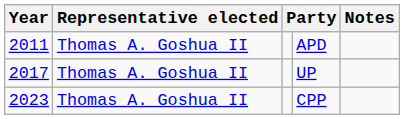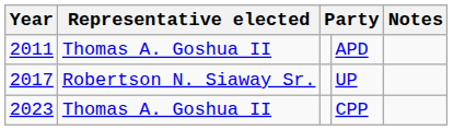 <table class="wikitable">
 <tr>
 <th>Year</th>
 <th>Representative elected</th>
 <th colspan=2>Party</th>
 <th>Notes</th>
 </tr>
 <tr>
 <td><a href='#'>2011</a></td>
 <td><a href='#'>Thomas A. Goshua II</a></td>
 <td></td>
 <td><a href='#'>APD</a></td>
 <td></td>
 </tr>
 <tr>
 <td><a href='#'>2017</a></td>
-<td><a href='#'>Thomas A. Goshua II</a></td>
+<td><a href='#'>Robertson N. Siaway Sr.</a></td>
 <td></td>
 <td><a href='#'>UP</a></td>
 <td></td>
 </tr>
 <tr>
 <td><a href='#'>2023</a></td>
 <td><a href='#'>Thomas A. Goshua II</a></td>
 <td></td>
 <td><a href='#'>CPP</a></td>
 <td></td>
 </tr>
 </table>
